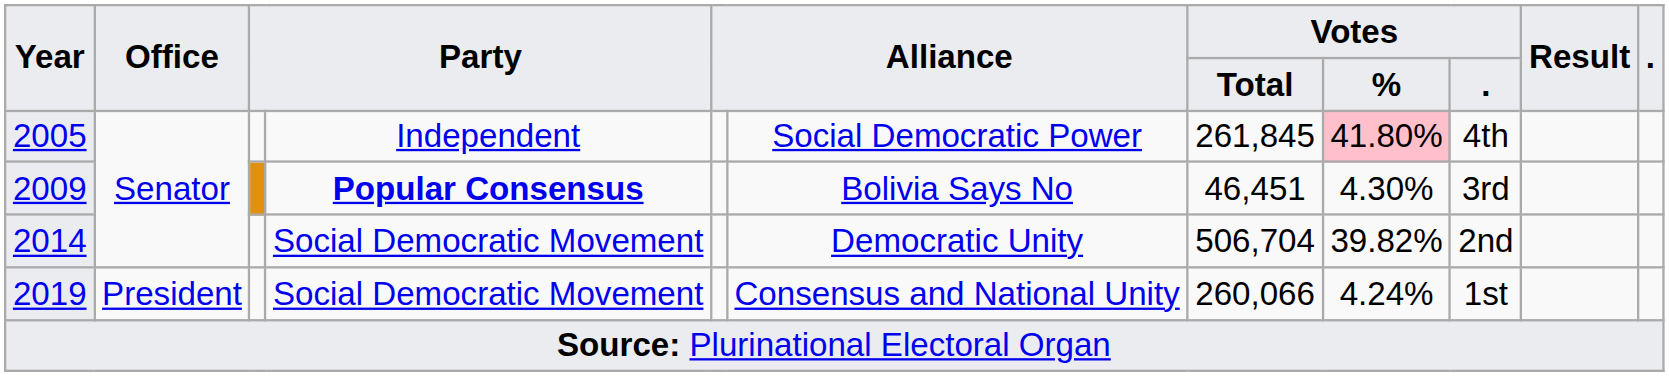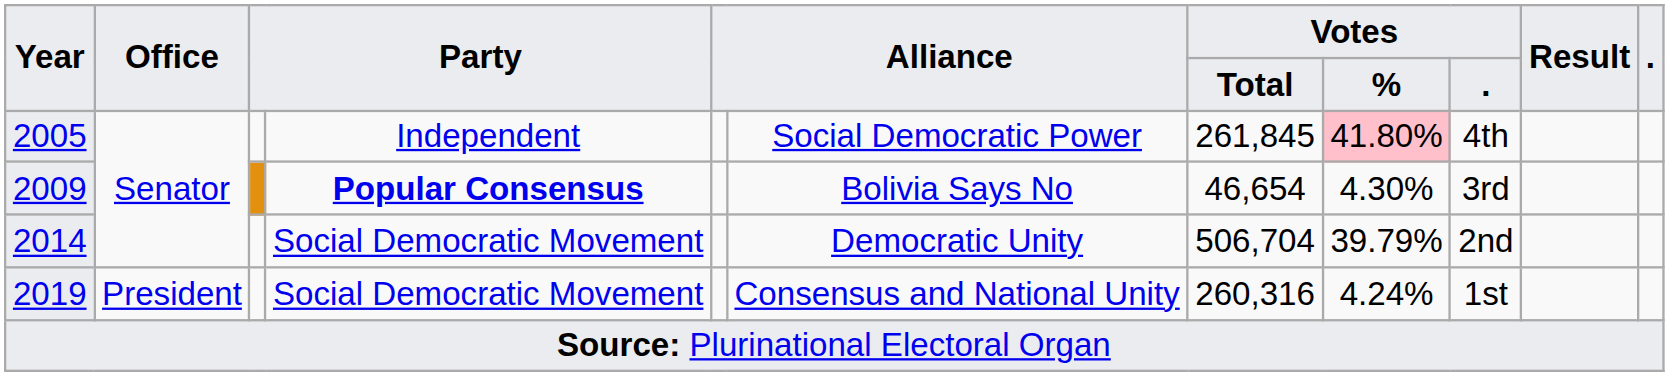 <table class="wikitable" style="font-size:90%; text-align:center;">
 <tr>
 <th style="background-color:#EAECF0;" rowspan=2>Year</th>
 <th style="background-color:#EAECF0;" rowspan=2>Office</th>
 <th style="background-color:#EAECF0;" colspan=2 rowspan=2>Party</th>
 <th style="background-color:#EAECF0;" colspan=2 rowspan=2>Alliance</th>
 <th style="background-color:#EAECF0;" colspan=3>Votes</th>
 <th style="background-color:#EAECF0;" rowspan=2>Result</th>
 <th style="background-color:#EAECF0;" rowspan=2>.</th>
 </tr>
 <tr>
 <th style="background-color:#EAECF0;">Total</th>
 <th style="background-color:#EAECF0;">%</th>
 <th style="background-color:#EAECF0;">.</th>
 </tr>
 <tr>
 <td style="background-color:#EAECF0;"><a href='#'>2005</a></td>
 <td rowspan=3><a href='#'>Senator</a></td>
 <td style="background-color:"></td>
 <td><a href='#'>Independent</a></td>
 <td style="background-color:"></td>
 <td><a href='#'>Social Democratic Power</a></td>
 <td>261,845</td>
 <td style="background: pink;">41.80%</td>
 <td>4th</td>
 <td></td>
 <td></td>
 </tr>
 <tr>
 <td style="background-color:#EAECF0;"><a href='#'>2009</a></td>
 <td style="background-color:#E3900F;"></td>
 <td><strong><a href='#'>Popular Consensus</a></strong></td>
 <td style="background-color:"></td>
 <td><a href='#'>Bolivia Says No</a></td>
-<td>46,451</td>
+<td>46,654</td>
 <td>4.30%</td>
 <td>3rd</td>
 <td></td>
 <td></td>
 </tr>
 <tr>
 <td style="background-color:#EAECF0;"><a href='#'>2014</a></td>
 <td style="background-color:"></td>
 <td><a href='#'>Social Democratic Movement</a></td>
 <td style="background-color:"></td>
 <td><a href='#'>Democratic Unity</a></td>
 <td>506,704</td>
-<td>39.82%</td>
+<td>39.79%</td>
 <td>2nd</td>
 <td></td>
 <td></td>
 </tr>
 <tr>
 <td style="background-color:#EAECF0;"><a href='#'>2019</a></td>
 <td><a href='#'>President</a></td>
 <td style="background-color:"></td>
 <td><a href='#'>Social Democratic Movement</a></td>
 <td style="background-color:"></td>
 <td><a href='#'>Consensus and National Unity</a></td>
-<td>260,066</td>
+<td>260,316</td>
 <td>4.24%</td>
 <td>1st</td>
 <td></td>
 <td></td>
 </tr>
 <tr>
 <td style="background-color:#EAECF0;" colspan=11><strong>Source:</strong> <a href='#'>Plurinational Electoral Organ</a>  </td>
 </tr>
 </table>
